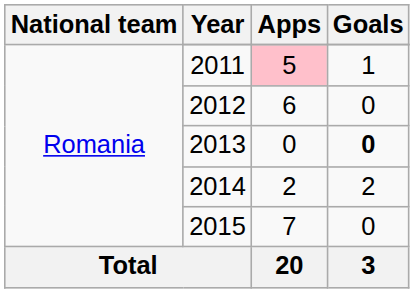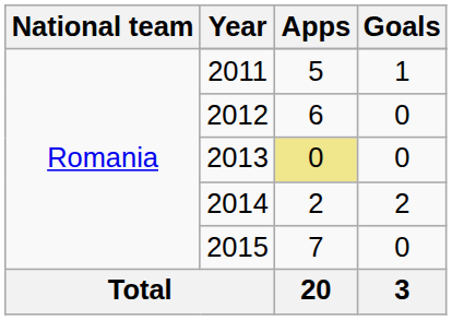 <table class="wikitable" style="text-align: center;">
 <tr>
 <th>National team</th>
 <th>Year</th>
 <th>Apps</th>
 <th>Goals</th>
 </tr>
 <tr>
 <td rowspan="6"><a href='#'>Romania</a></td>
 </tr>
 <tr>
 <td>2011</td>
-<td style="background: pink;">5</td>
+<td>5</td>
 <td>1</td>
 </tr>
 <tr>
 <td>2012</td>
 <td>6</td>
 <td>0</td>
 </tr>
 <tr>
 <td>2013</td>
+<td style="background: khaki;">0</td>
 <td>0</td>
-<td><strong>0</strong></td>
 </tr>
 <tr>
 <td>2014</td>
 <td>2</td>
 <td>2</td>
 </tr>
 <tr>
 <td>2015</td>
 <td>7</td>
 <td>0</td>
 </tr>
 <tr>
 <th colspan=2>Total</th>
 <th>20</th>
 <th>3</th>
 </tr>
 </table>
